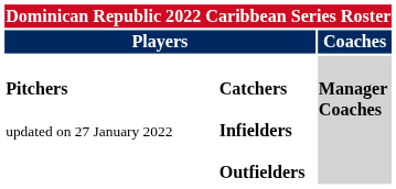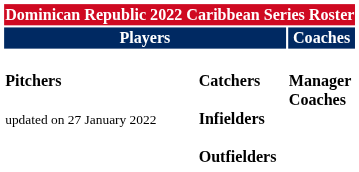 <table class="toccolours" style="font-size: 95%;">
 <tr>
 <th colspan="10" style="background-color: #CF0921;color:white;text-align:center;">Dominican Republic 2022 Caribbean Series Roster</th>
 </tr>
 <tr>
 <th colspan="4" style="background-color: #002962; color: #FFFFFF">Players</th>
 <th colspan="1" style="background-color: #002962; color: #FFFFFF">Coaches</th>
 </tr>
 <tr>
 <td style="vertical-align:top;text-align:left;"><br><strong>Pitchers</strong><br>                <br><small> <span></span> updated on 27 January 2022</small></td>
 <td width="25px"></td>
 <td style="vertical-align:top;text-align:left;"><br><strong>Catchers</strong><br>  <br><strong>Infielders</strong><br>        <br><strong>Outfielders</strong><br>    </td>
 <td style="vertical-align:top;text-align:left;"></td>
-<td style="background: lightgrey; vertical-align:top;text-align:left;"><br><strong>Manager</strong><br> <strong>Coaches</strong></td>
+<td style="vertical-align:top;text-align:left;"><br><strong>Manager</strong><br> <strong>Coaches</strong></td>
 </tr>
 </table>
